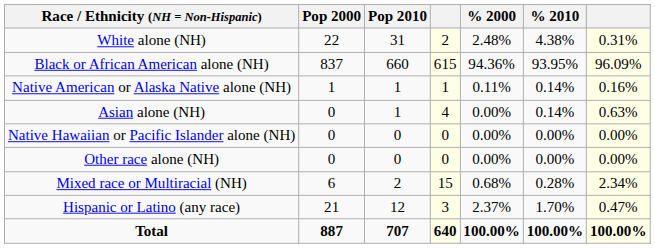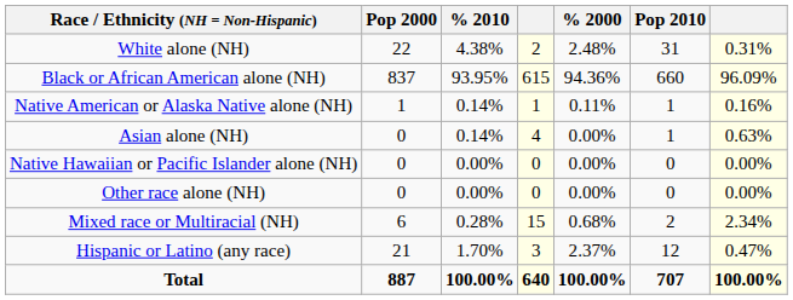 <table class="wikitable"  style="text-align:center;">
 <tr>
 <th>Race / Ethnicity <small>(<em>NH = Non-Hispanic</em>)</small></th>
 <th>Pop 2000</th>
-<th>Pop 2010</th>
+<th>% 2010</th>
 <th></th>
 <th>% 2000</th>
-<th>% 2010</th>
+<th>Pop 2010</th>
 <th></th>
 </tr>
 <tr>
 <td><a href='#'>White</a> alone (NH)</td>
 <td>22</td>
-<td>31</td>
+<td>4.38%</td>
 <td style='background: #ffffe6;'>2</td>
 <td>2.48%</td>
-<td>4.38%</td>
+<td>31</td>
 <td style='background: #ffffe6;'>0.31%</td>
 </tr>
 <tr>
 <td><a href='#'>Black or African American</a> alone (NH)</td>
 <td>837</td>
-<td>660</td>
+<td>93.95%</td>
 <td style='background: #ffffe6;'>615</td>
 <td>94.36%</td>
-<td>93.95%</td>
+<td>660</td>
 <td style='background: #ffffe6;'>96.09%</td>
 </tr>
 <tr>
 <td><a href='#'>Native American</a> or <a href='#'>Alaska Native</a> alone (NH)</td>
 <td>1</td>
-<td>1</td>
+<td>0.14%</td>
 <td style='background: #ffffe6;'>1</td>
 <td>0.11%</td>
-<td>0.14%</td>
+<td>1</td>
 <td style='background: #ffffe6;'>0.16%</td>
 </tr>
 <tr>
 <td><a href='#'>Asian</a> alone (NH)</td>
 <td>0</td>
-<td>1</td>
+<td>0.14%</td>
 <td style='background: #ffffe6;'>4</td>
 <td>0.00%</td>
-<td>0.14%</td>
+<td>1</td>
 <td style='background: #ffffe6;'>0.63%</td>
 </tr>
 <tr>
 <td><a href='#'>Native Hawaiian</a> or <a href='#'>Pacific Islander</a> alone (NH)</td>
 <td>0</td>
-<td>0</td>
+<td>0.00%</td>
 <td style='background: #ffffe6;'>0</td>
 <td>0.00%</td>
-<td>0.00%</td>
+<td>0</td>
 <td style='background: #ffffe6;'>0.00%</td>
 </tr>
 <tr>
 <td><a href='#'>Other race</a> alone (NH)</td>
 <td>0</td>
-<td>0</td>
+<td>0.00%</td>
 <td style='background: #ffffe6;'>0</td>
 <td>0.00%</td>
-<td>0.00%</td>
+<td>0</td>
 <td style='background: #ffffe6;'>0.00%</td>
 </tr>
 <tr>
 <td><a href='#'>Mixed race or Multiracial</a> (NH)</td>
 <td>6</td>
-<td>2</td>
+<td>0.28%</td>
 <td style='background: #ffffe6;'>15</td>
 <td>0.68%</td>
-<td>0.28%</td>
+<td>2</td>
 <td style='background: #ffffe6;'>2.34%</td>
 </tr>
 <tr>
 <td><a href='#'>Hispanic or Latino</a> (any race)</td>
 <td>21</td>
-<td>12</td>
+<td>1.70%</td>
 <td style='background: #ffffe6;'>3</td>
 <td>2.37%</td>
-<td>1.70%</td>
+<td>12</td>
 <td style='background: #ffffe6;'>0.47%</td>
 </tr>
 <tr>
 <td><strong>Total</strong></td>
 <td><strong>887</strong></td>
-<td><strong>707</strong></td>
+<td><strong>100.00%</strong></td>
 <td style='background: #ffffe6;'><strong>640</strong></td>
 <td><strong>100.00%</strong></td>
-<td><strong>100.00%</strong></td>
+<td><strong>707</strong></td>
 <td style='background: #ffffe6;'><strong>100.00%</strong></td>
 </tr>
 </table>
